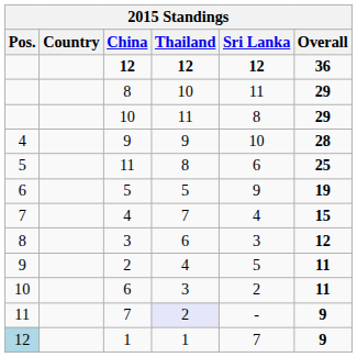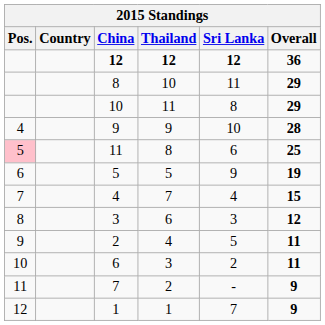 <table class="wikitable" style="text-align:center">
 <tr bgcolor="#efefef">
 <th colspan=6>2015 Standings</th>
 </tr>
 <tr bgcolor="#efefef">
 <th>Pos.</th>
 <th>Country</th>
 <th> <a href='#'>China</a></th>
 <th> <a href='#'>Thailand</a></th>
 <th> <a href='#'>Sri Lanka</a></th>
 <th>Overall</th>
 </tr>
 <tr>
 <td></td>
 <td align=left></td>
 <td><strong>12</strong></td>
 <td><strong>12</strong></td>
 <td><strong>12</strong></td>
 <td><strong>36</strong></td>
 </tr>
 <tr>
 <td></td>
 <td align=left></td>
 <td>8</td>
 <td>10</td>
 <td>11</td>
 <td><strong>29</strong></td>
 </tr>
 <tr>
 <td></td>
 <td align=left></td>
 <td>10</td>
 <td>11</td>
 <td>8</td>
 <td><strong>29</strong></td>
 </tr>
 <tr>
 <td>4</td>
 <td align=left></td>
 <td>9</td>
 <td>9</td>
 <td>10</td>
 <td><strong>28</strong></td>
 </tr>
 <tr>
-<td>5</td>
+<td style="background: pink;">5</td>
 <td align=left></td>
 <td>11</td>
 <td>8</td>
 <td>6</td>
 <td><strong>25</strong></td>
 </tr>
 <tr>
 <td>6</td>
 <td align=left></td>
 <td>5</td>
 <td>5</td>
 <td>9</td>
 <td><strong>19</strong></td>
 </tr>
 <tr>
 <td>7</td>
 <td align=left></td>
 <td>4</td>
 <td>7</td>
 <td>4</td>
 <td><strong>15</strong></td>
 </tr>
 <tr>
 <td>8</td>
 <td align=left></td>
 <td>3</td>
 <td>6</td>
 <td>3</td>
 <td><strong>12</strong></td>
 </tr>
 <tr>
 <td>9</td>
 <td align=left></td>
 <td>2</td>
 <td>4</td>
 <td>5</td>
 <td><strong>11</strong></td>
 </tr>
 <tr>
 <td>10</td>
 <td align=left></td>
 <td>6</td>
 <td>3</td>
 <td>2</td>
 <td><strong>11</strong></td>
 </tr>
 <tr>
 <td>11</td>
 <td align=left></td>
 <td>7</td>
-<td style="background: lavender;">2</td>
+<td>2</td>
 <td>-</td>
 <td><strong>9</strong></td>
 </tr>
 <tr>
-<td style="background: lightblue;">12</td>
+<td>12</td>
 <td align=left></td>
 <td>1</td>
 <td>1</td>
 <td>7</td>
 <td><strong>9</strong></td>
 </tr>
 </table>
